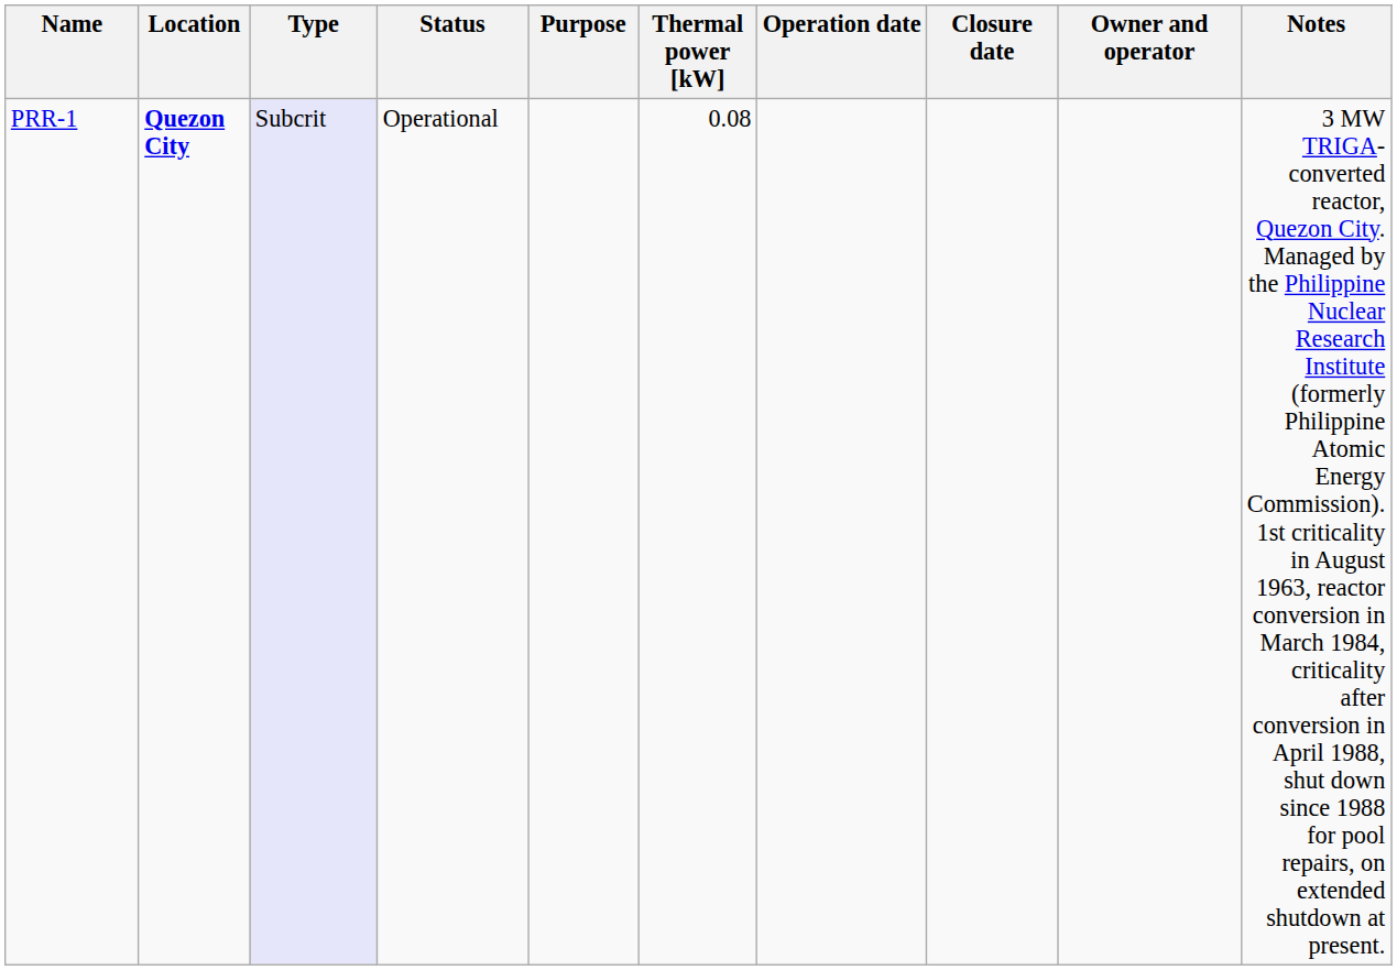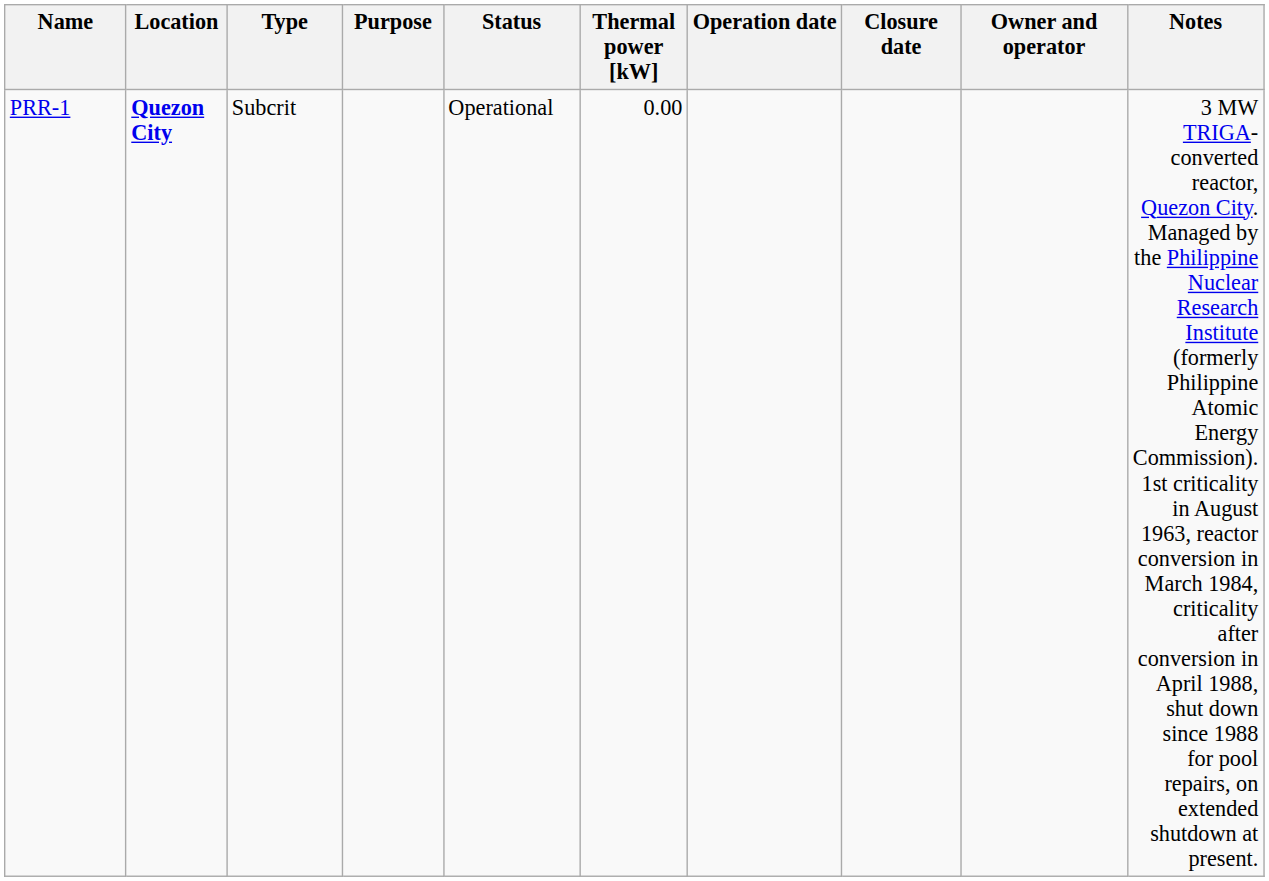 <table class="wikitable" >
 <tr valign="top">
 <th width="80">Name</th>
 <th width="65">Location</th>
 <th width="76">Type</th>
+<th width="65">Purpose</th>
 <th width="91">Status</th>
-<th width="65">Purpose</th>
 <th width="70“">Thermal power [kW]</th>
 <th width=„67“>Operation date</th>
 <th width="78“">Closure date</th>
 <th width="113“">Owner and operator</th>
 <th width="65">Notes</th>
 </tr>
 <tr valign="top">
 <td><a href='#'>PRR-1</a></td>
 <td><strong><a href='#'>Quezon City</a></strong></td>
-<td style="background: lavender;">Subcrit</td>
+<td>Subcrit</td>
+<td></td>
 <td>Operational</td>
-<td></td>
-<td align="right">0.08</td>
+<td align="right">0.00</td>
 <td> </td>
 <td></td>
 <td></td>
 <td align="right">3 MW <a href='#'>TRIGA</a>-converted reactor, <a href='#'>Quezon City</a>. Managed by the <a href='#'>Philippine Nuclear Research Institute</a> (formerly Philippine Atomic Energy Commission). 1st criticality in August 1963, reactor conversion in March 1984, criticality after conversion in April 1988, shut down since 1988 for pool repairs, on extended shutdown at present.</td>
 </tr>
 </table>
